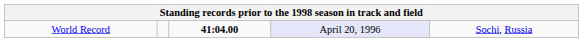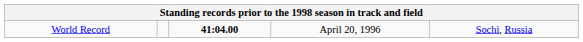 <table class="wikitable" style="text-align:center; width:100%">
 <tr>
 <th colspan="5">Standing records prior to the 1998 season in track and field</th>
 </tr>
 <tr>
 <td><a href='#'>World Record</a></td>
 <td></td>
 <td><strong>41:04.00</strong></td>
-<td style="background: lavender;">April 20, 1996</td>
+<td>April 20, 1996</td>
 <td> <a href='#'>Sochi</a>, <a href='#'>Russia</a></td>
 </tr>
 </table>
